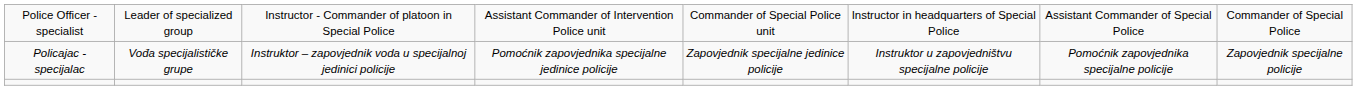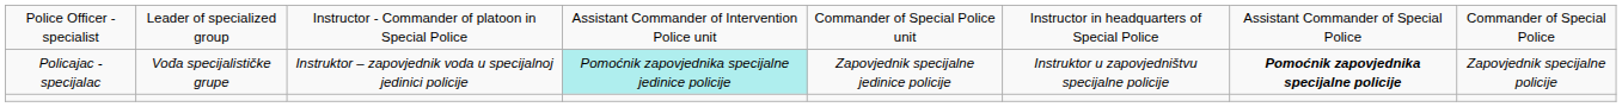 <table class="wikitable" style="text-align:center">
 <tr>
 <td><small>Police Officer - specialist</small></td>
 <td><small>Leader of specialized group</small></td>
 <td><small>Instructor - Commander of platoon in Special  Police </small></td>
 <td><small>Assistant Commander of Intervention Police unit</small></td>
 <td><small>Commander of Special Police unit</small></td>
 <td><small>Instructor in headquarters of Special Police</small></td>
 <td><small>Assistant Commander of Special Police </small></td>
 <td><small>Commander of Special Police</small></td>
 </tr>
 <tr>
 <td><small><em>Policajac - specijalac</em></small></td>
 <td><small><em>Vođa specijalističke grupe</em></small></td>
 <td><small><em>Instruktor – zapovjednik voda u specijalnoj jedinici policije</em></small></td>
-<td><small><em>Pomoćnik zapovjednika specijalne jedinice policije</em></small></td>
+<td style="background: paleturquoise;"><small><em>Pomoćnik zapovjednika specijalne jedinice policije</em></small></td>
 <td><small><em>Zapovjednik specijalne jedinice policije</em></small></td>
 <td><small><em>Instruktor u zapovjedništvu specijalne policije</em></small></td>
-<td><small><em>Pomoćnik zapovjednika specijalne policije</em></small></td>
+<td><strong><small><em>Pomoćnik zapovjednika specijalne policije</em></small></strong></td>
 <td><small><em>Zapovjednik specijalne policije</em></small></td>
 </tr>
 <tr>
 <td></td>
 <td></td>
 <td></td>
 <td></td>
 <td></td>
 <td></td>
 <td></td>
 <td></td>
 </tr>
 </table>
